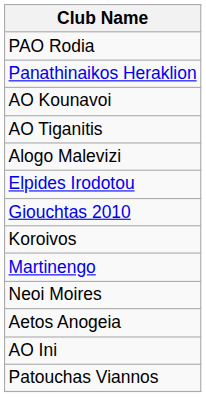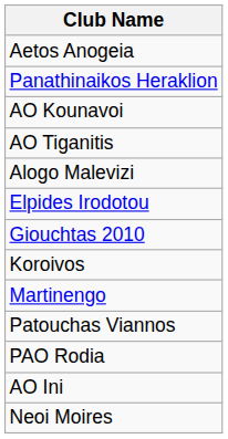 <table class="wikitable">
 <tr>
 <th>Club Name</th>
 </tr>
 <tr>
-<td>PAO Rodia</td>
+<td>Aetos Anogeia</td>
 </tr>
 <tr>
 <td><a href='#'>Panathinaikos Heraklion</a></td>
 </tr>
 <tr>
 <td>AO Kounavoi</td>
 </tr>
 <tr>
 <td>AO Tiganitis</td>
 </tr>
 <tr>
 <td>Alogo Malevizi</td>
 </tr>
 <tr>
 <td><a href='#'>Elpides Irodotou</a></td>
 </tr>
 <tr>
 <td><a href='#'>Giouchtas 2010</a></td>
 </tr>
 <tr>
 <td>Koroivos</td>
 </tr>
 <tr>
 <td><a href='#'>Martinengo</a></td>
 </tr>
 <tr>
-<td>Neoi Moires</td>
+<td>Patouchas Viannos</td>
 </tr>
 <tr>
-<td>Aetos Anogeia</td>
+<td>PAO Rodia</td>
 </tr>
 <tr>
 <td>AO Ini</td>
 </tr>
 <tr>
-<td>Patouchas Viannos</td>
+<td>Neoi Moires</td>
 </tr>
 <tr>
 </tr>
 </table>
